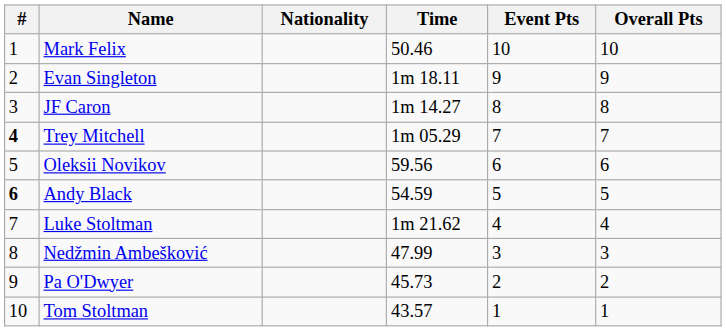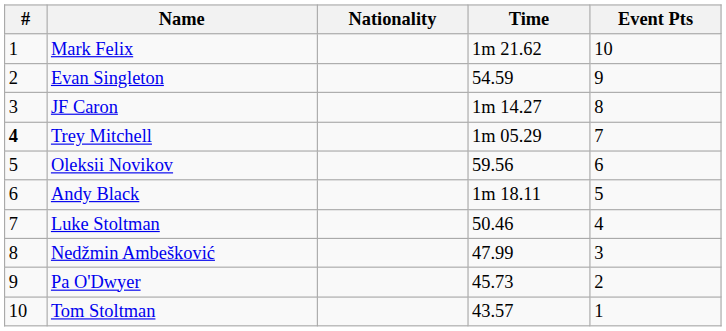 <table class="wikitable sortable" style="display: inline-table;width: 100%;">
 <tr>
 <th>#</th>
 <th>Name</th>
 <th>Nationality</th>
 <th>Time</th>
 <th>Event Pts</th>
-<th>Overall Pts</th>
 </tr>
 <tr>
 <td>1</td>
 <td><a href='#'>Mark Felix</a></td>
 <td></td>
-<td>50.46</td>
-<td>10</td>
+<td>1m 21.62</td>
 <td>10</td>
 </tr>
 <tr>
 <td>2</td>
 <td><a href='#'>Evan Singleton</a></td>
 <td></td>
-<td>1m 18.11</td>
-<td>9</td>
+<td>54.59</td>
 <td>9</td>
 </tr>
 <tr>
 <td>3</td>
 <td><a href='#'>JF Caron</a></td>
 <td></td>
 <td>1m 14.27</td>
 <td>8</td>
-<td>8</td>
 </tr>
 <tr>
 <td><strong>4</strong></td>
 <td><a href='#'>Trey Mitchell</a></td>
 <td></td>
 <td>1m 05.29</td>
-<td>7</td>
 <td>7</td>
 </tr>
 <tr>
 <td>5</td>
 <td><a href='#'>Oleksii Novikov</a></td>
 <td></td>
 <td>59.56</td>
 <td>6</td>
-<td>6</td>
 </tr>
 <tr>
-<td><strong>6</strong></td>
+<td>6</td>
 <td><a href='#'>Andy Black</a></td>
 <td></td>
-<td>54.59</td>
-<td>5</td>
+<td>1m 18.11</td>
 <td>5</td>
 </tr>
 <tr>
 <td>7</td>
 <td><a href='#'>Luke Stoltman</a></td>
 <td></td>
-<td>1m 21.62</td>
-<td>4</td>
+<td>50.46</td>
 <td>4</td>
 </tr>
 <tr>
 <td>8</td>
 <td><a href='#'>Nedžmin Ambešković</a></td>
 <td></td>
 <td>47.99</td>
 <td>3</td>
-<td>3</td>
 </tr>
 <tr>
 <td>9</td>
 <td><a href='#'>Pa O'Dwyer</a></td>
 <td></td>
 <td>45.73</td>
-<td>2</td>
 <td>2</td>
 </tr>
 <tr>
 <td>10</td>
 <td><a href='#'>Tom Stoltman</a></td>
 <td></td>
 <td>43.57</td>
 <td>1</td>
-<td>1</td>
 </tr>
 </table>
